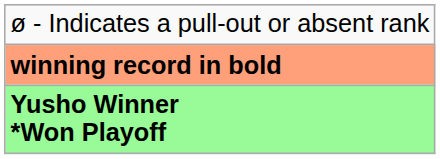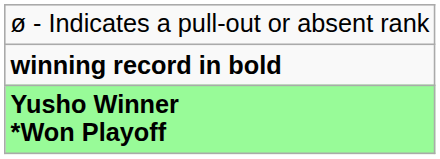 <table class="wikitable">
 <tr>
 <td>ø - Indicates a pull-out or absent rank</td>
 </tr>
 <tr>
-<td style="background: lightsalmon;"><strong>winning record in bold</strong></td>
+<td><strong>winning record in bold</strong></td>
 </tr>
 <tr>
 <td style="background: PaleGreen;"><strong>Yusho Winner</strong><br><strong>*Won Playoff</strong></td>
 </tr>
 </table>
